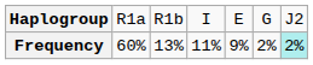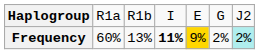 <table class="wikitable" style="text-align:center">
 <tr>
 <th>Haplogroup</th>
 <td>R1a</td>
 <td>R1b</td>
 <td>I</td>
 <td>E</td>
 <td>G</td>
 <td>J2</td>
 </tr>
 <tr>
 <th>Frequency</th>
 <td>60%</td>
 <td>13%</td>
-<td>11%</td>
-<td>9%</td>
+<td><strong>11%</strong></td>
+<td style="background: gold;">9%</td>
 <td>2%</td>
 <td style="background: paleturquoise;">2%</td>
 </tr>
 </table>
